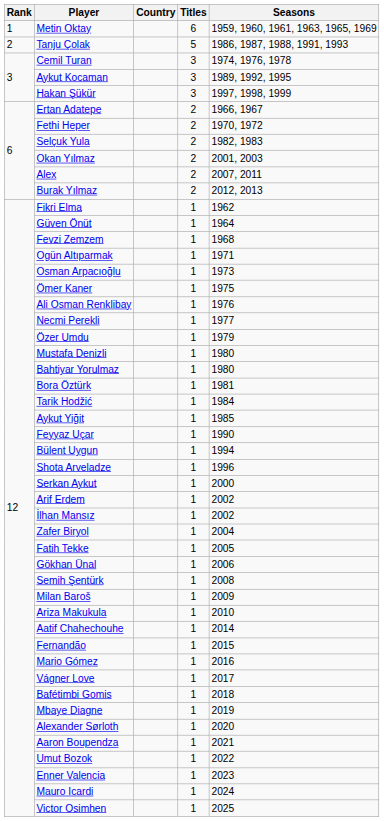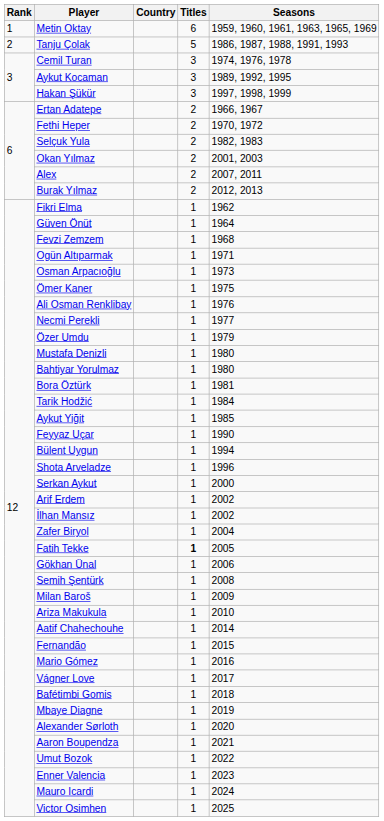 <table class="wikitable">
 <tr>
 <th>Rank</th>
 <th>Player</th>
 <th>Country</th>
 <th>Titles</th>
 <th>Seasons</th>
 </tr>
 <tr>
 <td>1</td>
 <td><a href='#'>Metin Oktay</a></td>
 <td></td>
 <td style="text-align:center;">6</td>
 <td>1959, 1960, 1961, 1963, 1965, 1969</td>
 </tr>
 <tr>
 <td>2</td>
 <td><a href='#'>Tanju Çolak</a></td>
 <td></td>
 <td style="text-align:center;">5</td>
 <td>1986, 1987, 1988, 1991, 1993</td>
 </tr>
 <tr>
 <td rowspan=3>3</td>
 <td><a href='#'>Cemil Turan</a></td>
 <td></td>
 <td style="text-align:center;">3</td>
 <td>1974, 1976, 1978</td>
 </tr>
 <tr>
 <td><a href='#'>Aykut Kocaman</a></td>
 <td></td>
 <td style="text-align:center;">3</td>
 <td>1989, 1992, 1995</td>
 </tr>
 <tr>
 <td><a href='#'>Hakan Şükür</a></td>
 <td></td>
 <td style="text-align:center;">3</td>
 <td>1997, 1998, 1999</td>
 </tr>
 <tr>
 <td rowspan=6>6</td>
 <td><a href='#'>Ertan Adatepe</a></td>
 <td></td>
 <td style="text-align:center;">2</td>
 <td>1966, 1967</td>
 </tr>
 <tr>
 <td><a href='#'>Fethi Heper</a></td>
 <td></td>
 <td style="text-align:center;">2</td>
 <td>1970, 1972</td>
 </tr>
 <tr>
 <td><a href='#'>Selçuk Yula</a></td>
 <td></td>
 <td style="text-align:center;">2</td>
 <td>1982, 1983</td>
 </tr>
 <tr>
 <td><a href='#'>Okan Yılmaz</a></td>
 <td></td>
 <td style="text-align:center;">2</td>
 <td>2001, 2003</td>
 </tr>
 <tr>
 <td><a href='#'>Alex</a></td>
 <td></td>
 <td style="text-align:center;">2</td>
 <td>2007, 2011</td>
 </tr>
 <tr>
 <td><a href='#'>Burak Yılmaz</a></td>
 <td></td>
 <td style="text-align:center;">2</td>
 <td>2012, 2013</td>
 </tr>
 <tr>
 <td rowspan=42>12</td>
 <td><a href='#'>Fikri Elma</a></td>
 <td></td>
 <td style="text-align:center;">1</td>
 <td>1962</td>
 </tr>
 <tr>
 <td><a href='#'>Güven Önüt</a></td>
 <td></td>
 <td style="text-align:center;">1</td>
 <td>1964</td>
 </tr>
 <tr>
 <td><a href='#'>Fevzi Zemzem</a></td>
 <td></td>
 <td style="text-align:center;">1</td>
 <td>1968</td>
 </tr>
 <tr>
 <td><a href='#'>Ogün Altıparmak</a></td>
 <td></td>
 <td style="text-align:center;">1</td>
 <td>1971</td>
 </tr>
 <tr>
 <td><a href='#'>Osman Arpacıoğlu</a></td>
 <td></td>
 <td style="text-align:center;">1</td>
 <td>1973</td>
 </tr>
 <tr>
 <td><a href='#'>Ömer Kaner</a></td>
 <td></td>
 <td style="text-align:center;">1</td>
 <td>1975</td>
 </tr>
 <tr>
 <td><a href='#'>Ali Osman Renklibay</a></td>
 <td></td>
 <td style="text-align:center;">1</td>
 <td>1976</td>
 </tr>
 <tr>
 <td><a href='#'>Necmi Perekli</a></td>
 <td></td>
 <td style="text-align:center;">1</td>
 <td>1977</td>
 </tr>
 <tr>
 <td><a href='#'>Özer Umdu</a></td>
 <td></td>
 <td style="text-align:center;">1</td>
 <td>1979</td>
 </tr>
 <tr>
 <td><a href='#'>Mustafa Denizli</a></td>
 <td></td>
 <td style="text-align:center;">1</td>
 <td>1980</td>
 </tr>
 <tr>
 <td><a href='#'>Bahtiyar Yorulmaz</a></td>
 <td></td>
 <td style="text-align:center;">1</td>
 <td>1980</td>
 </tr>
 <tr>
 <td><a href='#'>Bora Öztürk</a></td>
 <td></td>
 <td style="text-align:center;">1</td>
 <td>1981</td>
 </tr>
 <tr>
 <td><a href='#'>Tarik Hodžić</a></td>
 <td></td>
 <td style="text-align:center;">1</td>
 <td>1984</td>
 </tr>
 <tr>
 <td><a href='#'>Aykut Yiğit</a></td>
 <td></td>
 <td style="text-align:center;">1</td>
 <td>1985</td>
 </tr>
 <tr>
 <td><a href='#'>Feyyaz Uçar</a></td>
 <td></td>
 <td style="text-align:center;">1</td>
 <td>1990</td>
 </tr>
 <tr>
 <td><a href='#'>Bülent Uygun</a></td>
 <td></td>
 <td style="text-align:center;">1</td>
 <td>1994</td>
 </tr>
 <tr>
 <td><a href='#'>Shota Arveladze</a></td>
 <td></td>
 <td style="text-align:center;">1</td>
 <td>1996</td>
 </tr>
 <tr>
 <td><a href='#'>Serkan Aykut</a></td>
 <td></td>
 <td style="text-align:center;">1</td>
 <td>2000</td>
 </tr>
 <tr>
 <td><a href='#'>Arif Erdem</a></td>
 <td></td>
 <td style="text-align:center;">1</td>
 <td>2002</td>
 </tr>
 <tr>
 <td><a href='#'>İlhan Mansız</a></td>
 <td></td>
 <td style="text-align:center;">1</td>
 <td>2002</td>
 </tr>
 <tr>
 <td><a href='#'>Zafer Biryol</a></td>
 <td></td>
 <td style="text-align:center;">1</td>
 <td>2004</td>
 </tr>
 <tr>
 <td><a href='#'>Fatih Tekke</a></td>
 <td></td>
-<td style="text-align:center;">1</td>
+<td style="text-align:center;"><strong>1</strong></td>
 <td>2005</td>
 </tr>
 <tr>
 <td><a href='#'>Gökhan Ünal</a></td>
 <td></td>
 <td style="text-align:center;">1</td>
 <td>2006</td>
 </tr>
 <tr>
 <td><a href='#'>Semih Şentürk</a></td>
 <td></td>
 <td style="text-align:center;">1</td>
 <td>2008</td>
 </tr>
 <tr>
 <td><a href='#'>Milan Baroš</a></td>
 <td></td>
 <td style="text-align:center;">1</td>
 <td>2009</td>
 </tr>
 <tr>
 <td><a href='#'>Ariza Makukula</a></td>
 <td></td>
 <td style="text-align:center;">1</td>
 <td>2010</td>
 </tr>
 <tr>
 <td><a href='#'>Aatif Chahechouhe</a></td>
 <td></td>
 <td style="text-align:center;">1</td>
 <td>2014</td>
 </tr>
 <tr>
 <td><a href='#'>Fernandão</a></td>
 <td></td>
 <td style="text-align:center;">1</td>
 <td>2015</td>
 </tr>
 <tr>
 <td><a href='#'>Mario Gómez</a></td>
 <td></td>
 <td style="text-align:center;">1</td>
 <td>2016</td>
 </tr>
 <tr>
 <td><a href='#'>Vágner Love</a></td>
 <td></td>
 <td style="text-align:center;">1</td>
 <td>2017</td>
 </tr>
 <tr>
 <td><a href='#'>Bafétimbi Gomis</a></td>
 <td></td>
 <td style="text-align:center;">1</td>
 <td>2018</td>
 </tr>
 <tr>
 <td><a href='#'>Mbaye Diagne</a></td>
 <td></td>
 <td style="text-align:center;">1</td>
 <td>2019</td>
 </tr>
 <tr>
 <td><a href='#'>Alexander Sørloth</a></td>
 <td></td>
 <td style="text-align:center;">1</td>
 <td>2020</td>
 </tr>
 <tr>
 <td><a href='#'>Aaron Boupendza</a></td>
 <td></td>
 <td style="text-align:center;">1</td>
 <td>2021</td>
 </tr>
 <tr>
 <td><a href='#'>Umut Bozok</a></td>
 <td></td>
 <td style="text-align:center;">1</td>
 <td>2022</td>
 </tr>
 <tr>
 <td><a href='#'>Enner Valencia</a></td>
 <td></td>
 <td style="text-align:center;">1</td>
 <td>2023</td>
 </tr>
 <tr>
 <td><a href='#'>Mauro Icardi</a></td>
 <td></td>
 <td style="text-align:center;">1</td>
 <td>2024</td>
 </tr>
 <tr>
 <td><a href='#'>Victor Osimhen</a></td>
 <td></td>
 <td style="text-align:center;">1</td>
 <td>2025</td>
 </tr>
 </table>
